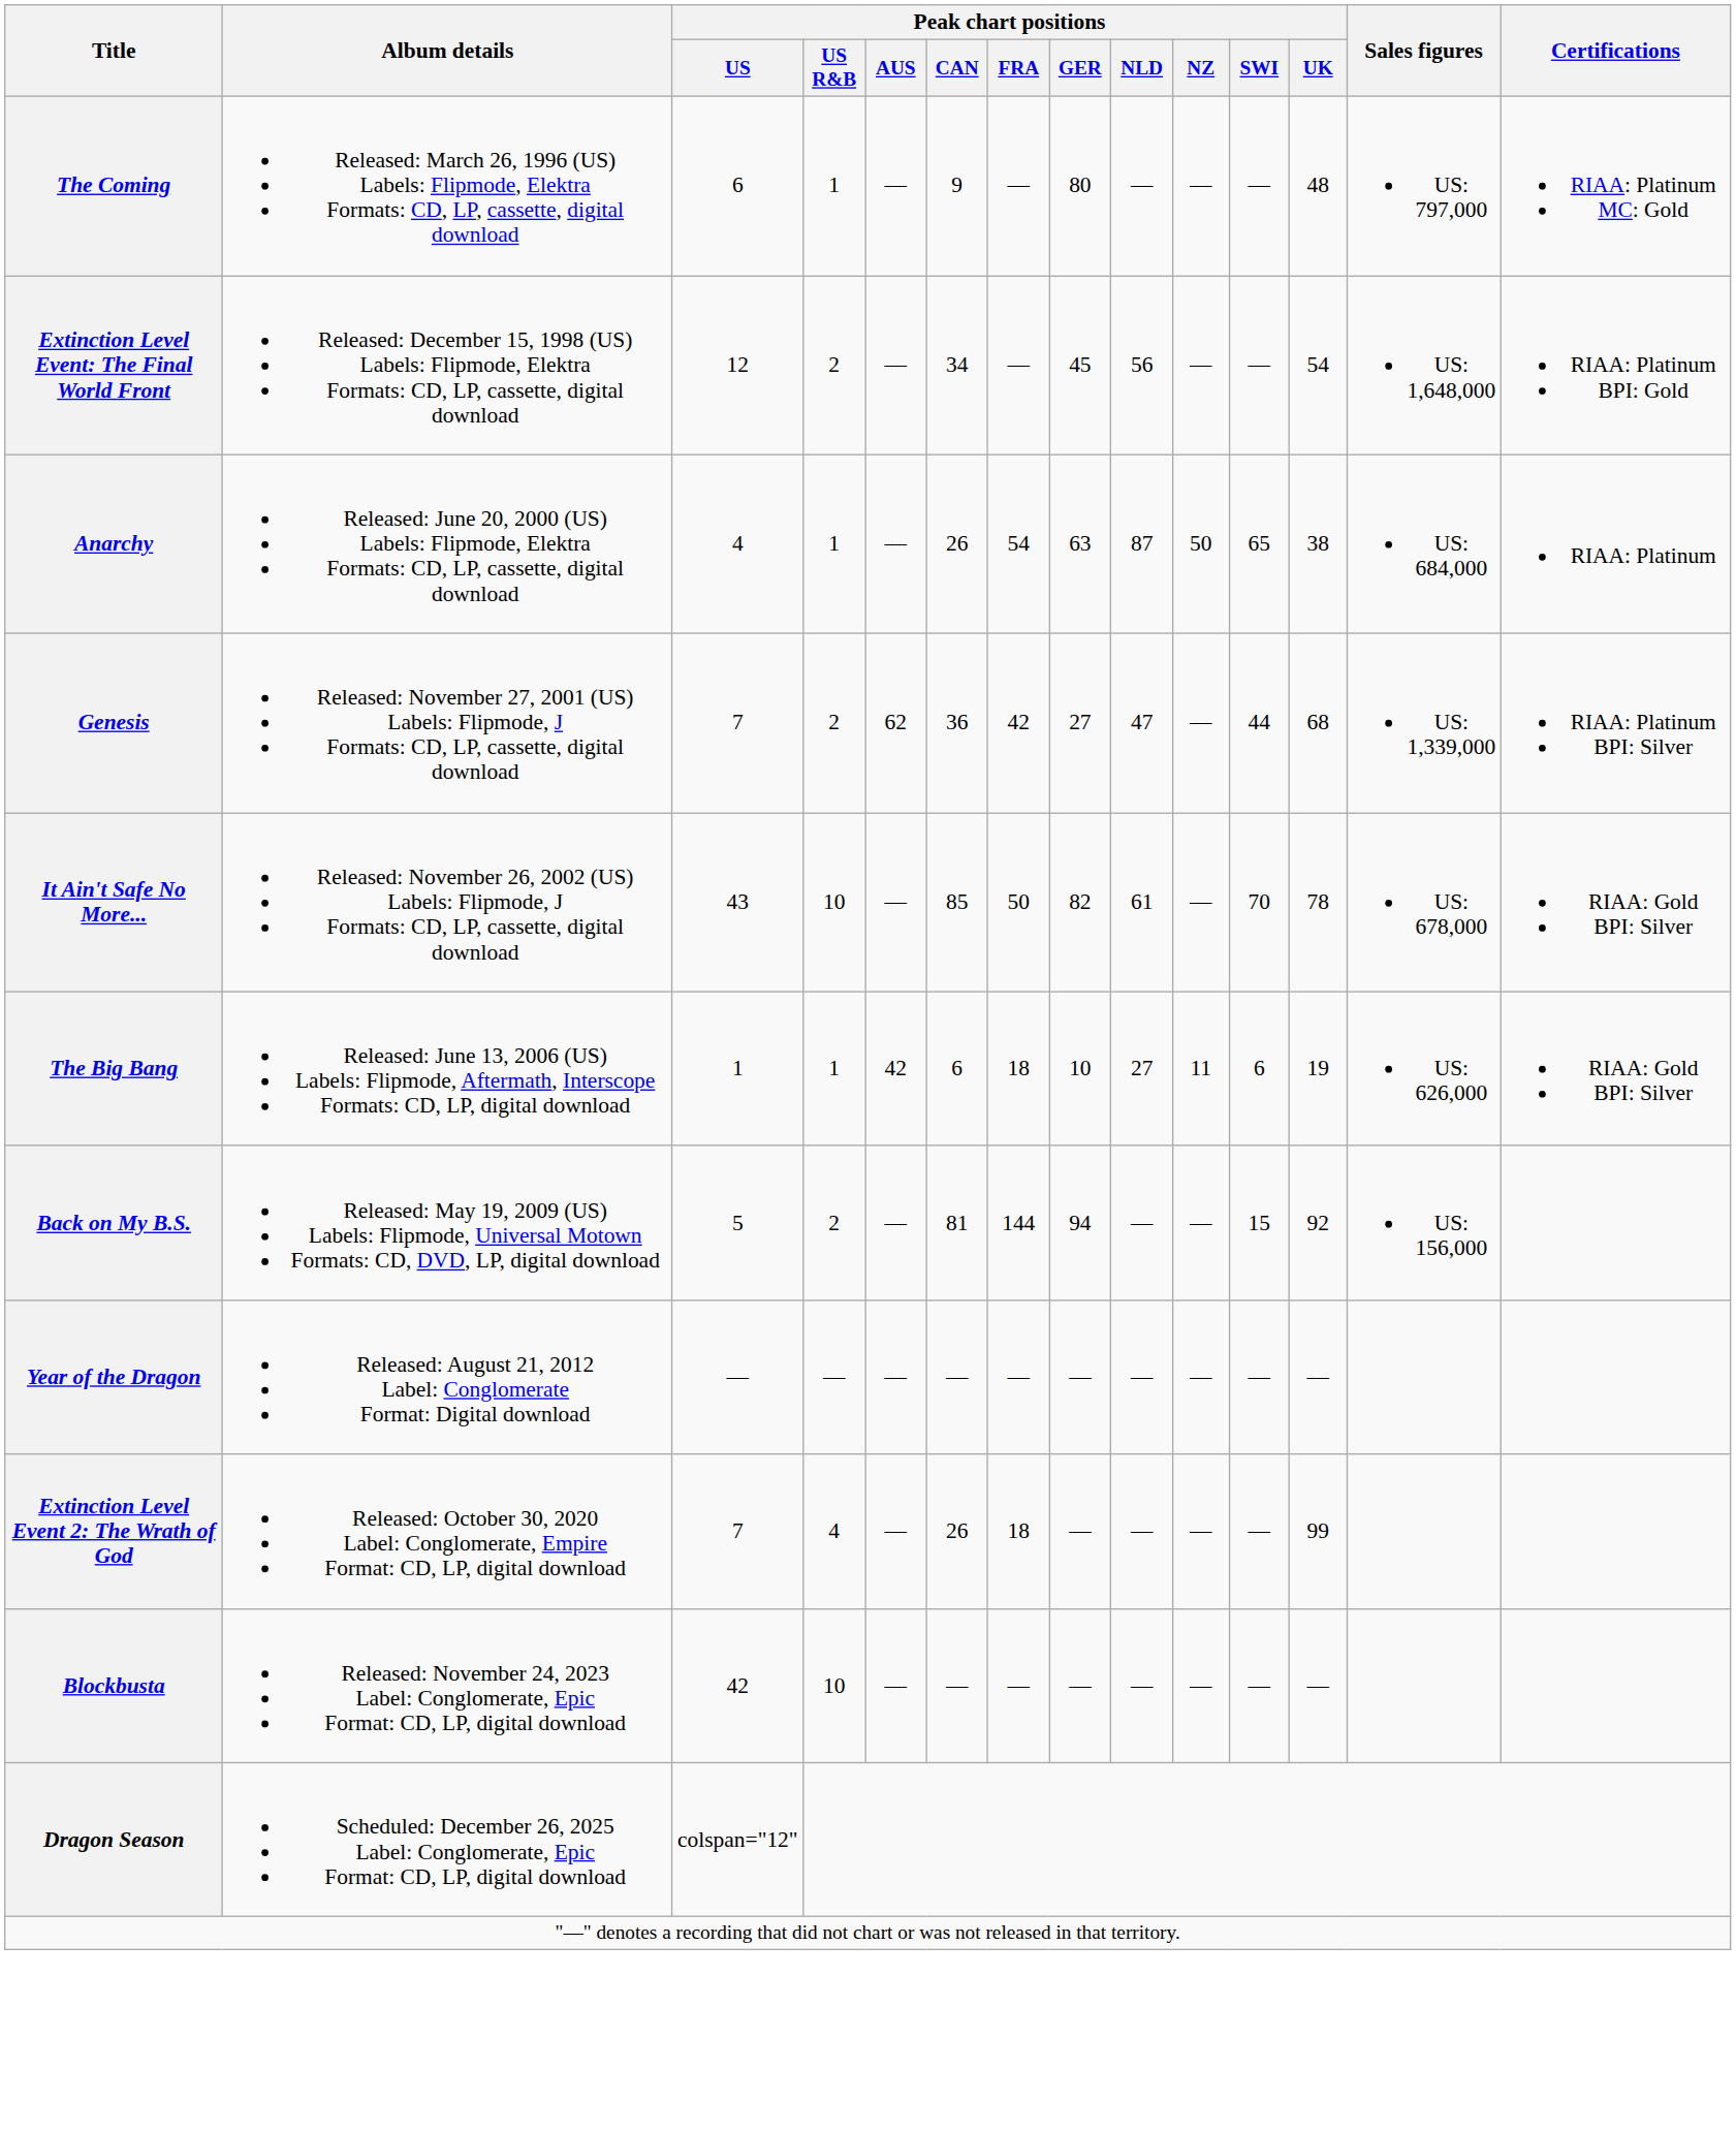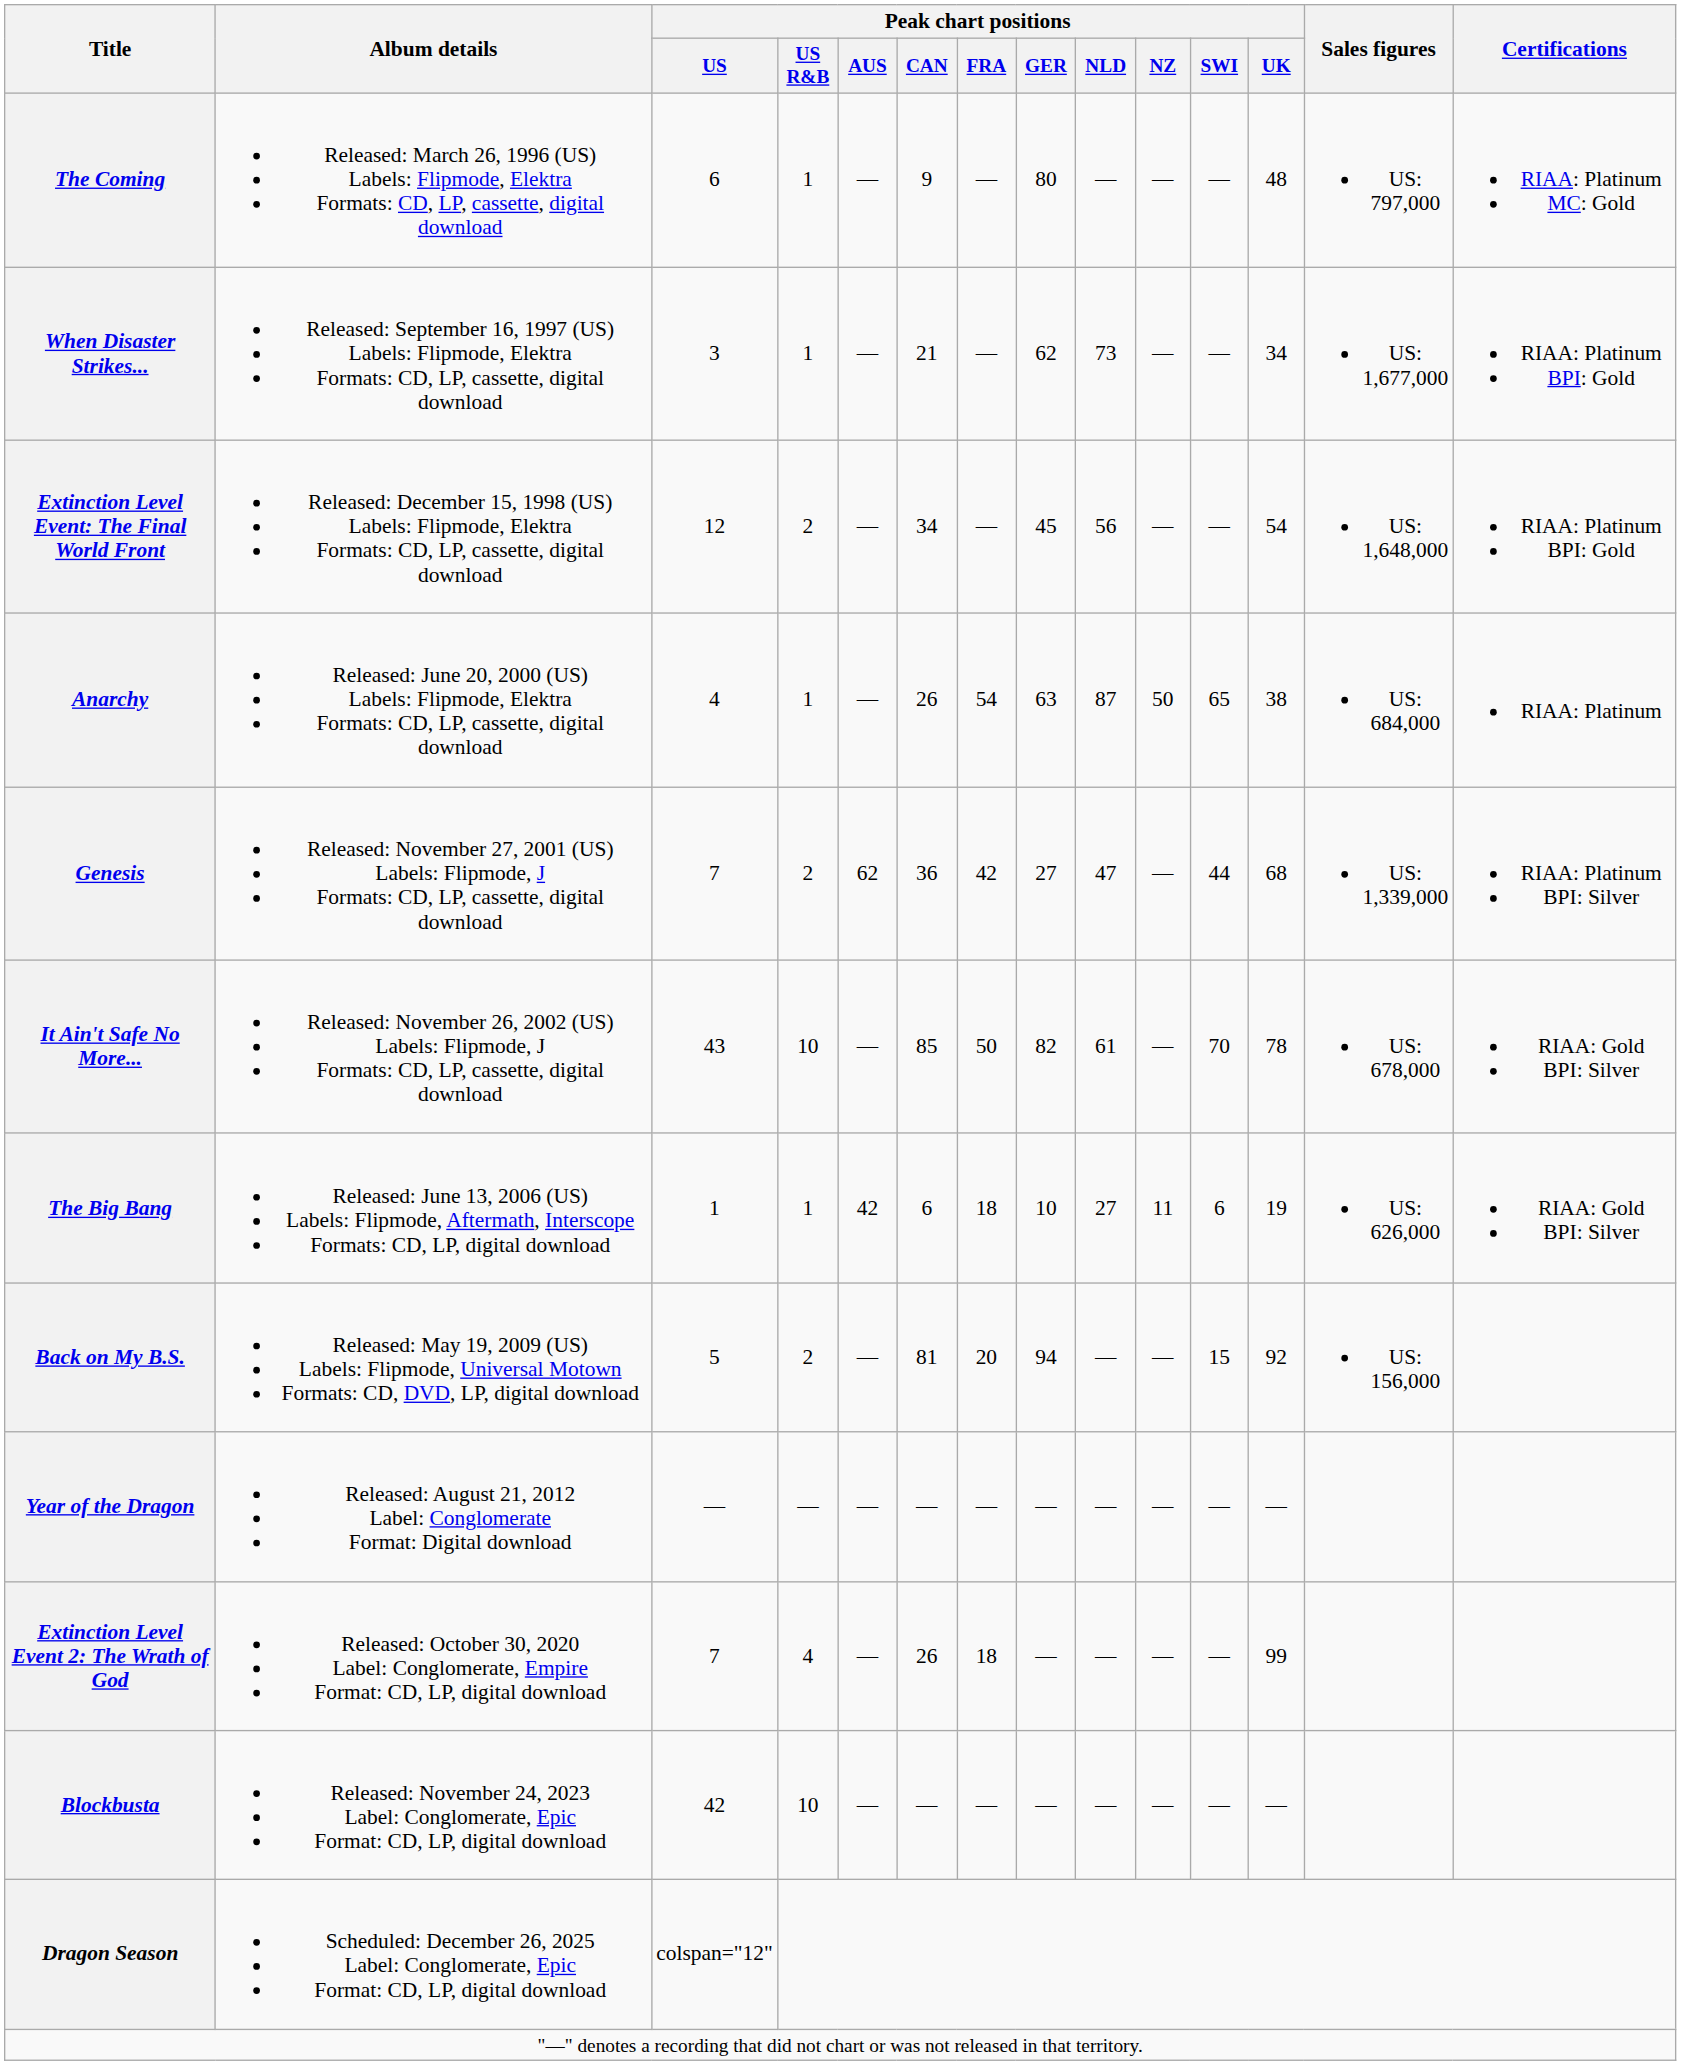 <table class="wikitable plainrowheaders" style="text-align:center;" border="1">
 <tr>
 <th scope="col" rowspan="2" style="width:12em;">Title</th>
 <th scope="col" rowspan="2" style="width:25em;">Album details</th>
 <th scope="col" colspan="10">Peak chart positions</th>
 <th scope="col" rowspan="2">Sales figures</th>
 <th scope="col" rowspan="2" style="width:12em;"><a href='#'>Certifications</a></th>
 </tr>
 <tr>
 <th scope="col" style="width:2.9em;font-size:90%;"><a href='#'>US</a><br></th>
 <th scope="col" style="width:2.9em;font-size:90%;"><a href='#'>US<br>R&B</a><br></th>
 <th scope="col" style="width:2.9em;font-size:90%;"><a href='#'>AUS</a><br></th>
 <th scope="col" style="width:2.9em;font-size:90%;"><a href='#'>CAN</a><br></th>
 <th scope="col" style="width:2.9em;font-size:90%;"><a href='#'>FRA</a><br></th>
 <th scope="col" style="width:2.9em;font-size:90%;"><a href='#'>GER</a><br></th>
 <th scope="col" style="width:2.9em;font-size:90%;"><a href='#'>NLD</a><br></th>
 <th scope="col" style="width:2.9em;font-size:90%;"><a href='#'>NZ</a><br></th>
 <th scope="col" style="width:2.9em;font-size:90%;"><a href='#'>SWI</a><br></th>
 <th scope="col" style="width:2.9em;font-size:90%;"><a href='#'>UK</a><br></th>
 </tr>
 <tr>
 <th scope="row"><em><a href='#'>The Coming</a></em></th>
 <td><br><ul><li>Released: March 26, 1996 <span>(US)</span></li><li>Labels: <a href='#'>Flipmode</a>, <a href='#'>Elektra</a></li><li>Formats: <a href='#'>CD</a>, <a href='#'>LP</a>, <a href='#'>cassette</a>, <a href='#'>digital download</a></li></ul></td>
 <td>6</td>
 <td>1</td>
 <td>—</td>
 <td>9</td>
 <td>—</td>
 <td>80</td>
 <td>—</td>
 <td>—</td>
 <td>—</td>
 <td>48</td>
 <td><br><ul><li>US: 797,000</li></ul></td>
 <td><br><ul><li><a href='#'>RIAA</a>: Platinum</li><li><a href='#'>MC</a>: Gold</li></ul></td>
+</tr>
+<tr>
+<th scope="row"><em><a href='#'>When Disaster Strikes...</a></em></th>
+<td><br><ul><li>Released: September 16, 1997 <span>(US)</span></li><li>Labels: Flipmode, Elektra</li><li>Formats: CD, LP, cassette, digital download</li></ul></td>
+<td>3</td>
+<td>1</td>
+<td>—</td>
+<td>21</td>
+<td>—</td>
+<td>62</td>
+<td>73</td>
+<td>—</td>
+<td>—</td>
+<td>34</td>
+<td><br><ul><li>US: 1,677,000</li></ul></td>
+<td><br><ul><li>RIAA: Platinum</li><li><a href='#'>BPI</a>: Gold</li></ul></td>
 </tr>
 <tr>
 <th scope="row"><em><a href='#'>Extinction Level Event: The Final World Front</a></em></th>
 <td><br><ul><li>Released: December 15, 1998 <span>(US)</span></li><li>Labels: Flipmode, Elektra</li><li>Formats: CD, LP, cassette, digital download</li></ul></td>
 <td>12</td>
 <td>2</td>
 <td>—</td>
 <td>34</td>
 <td>—</td>
 <td>45</td>
 <td>56</td>
 <td>—</td>
 <td>—</td>
 <td>54</td>
 <td><br><ul><li>US: 1,648,000</li></ul></td>
 <td><br><ul><li>RIAA: Platinum</li><li>BPI: Gold</li></ul></td>
 </tr>
 <tr>
 <th scope="row"><em><a href='#'>Anarchy</a></em></th>
 <td><br><ul><li>Released: June 20, 2000 <span>(US)</span></li><li>Labels: Flipmode, Elektra</li><li>Formats: CD, LP, cassette, digital download</li></ul></td>
 <td>4</td>
 <td>1</td>
 <td>—</td>
 <td>26</td>
 <td>54</td>
 <td>63</td>
 <td>87</td>
 <td>50</td>
 <td>65</td>
 <td>38</td>
 <td><br><ul><li>US: 684,000</li></ul></td>
 <td><br><ul><li>RIAA: Platinum</li></ul></td>
 </tr>
 <tr>
 <th scope="row"><em><a href='#'>Genesis</a></em></th>
 <td><br><ul><li>Released: November 27, 2001 <span>(US)</span></li><li>Labels: Flipmode, <a href='#'>J</a></li><li>Formats: CD, LP, cassette, digital download</li></ul></td>
 <td>7</td>
 <td>2</td>
 <td>62</td>
 <td>36</td>
 <td>42</td>
 <td>27</td>
 <td>47</td>
 <td>—</td>
 <td>44</td>
 <td>68</td>
 <td><br><ul><li>US: 1,339,000</li></ul></td>
 <td><br><ul><li>RIAA: Platinum</li><li>BPI: Silver</li></ul></td>
 </tr>
 <tr>
 <th scope="row"><em><a href='#'>It Ain't Safe No More...</a></em></th>
 <td><br><ul><li>Released: November 26, 2002 <span>(US)</span></li><li>Labels: Flipmode, J</li><li>Formats: CD, LP, cassette, digital download</li></ul></td>
 <td>43</td>
 <td>10</td>
 <td>—</td>
 <td>85</td>
 <td>50</td>
 <td>82</td>
 <td>61</td>
 <td>—</td>
 <td>70</td>
 <td>78</td>
 <td><br><ul><li>US: 678,000</li></ul></td>
 <td><br><ul><li>RIAA: Gold</li><li>BPI: Silver</li></ul></td>
 </tr>
 <tr>
 <th scope="row"><em><a href='#'>The Big Bang</a></em></th>
 <td><br><ul><li>Released: June 13, 2006 <span>(US)</span></li><li>Labels: Flipmode, <a href='#'>Aftermath</a>, <a href='#'>Interscope</a></li><li>Formats: CD, LP, digital download</li></ul></td>
 <td>1</td>
 <td>1</td>
 <td>42</td>
 <td>6</td>
 <td>18</td>
 <td>10</td>
 <td>27</td>
 <td>11</td>
 <td>6</td>
 <td>19</td>
 <td><br><ul><li>US: 626,000</li></ul></td>
 <td><br><ul><li>RIAA: Gold</li><li>BPI: Silver</li></ul></td>
 </tr>
 <tr>
 <th scope="row"><em><a href='#'>Back on My B.S.</a></em></th>
 <td><br><ul><li>Released: May 19, 2009 <span>(US)</span></li><li>Labels: Flipmode, <a href='#'>Universal Motown</a></li><li>Formats: CD, <a href='#'>DVD</a>, LP, digital download</li></ul></td>
 <td>5</td>
 <td>2</td>
 <td>—</td>
 <td>81</td>
-<td>144</td>
+<td>20</td>
 <td>94</td>
 <td>—</td>
 <td>—</td>
 <td>15</td>
 <td>92</td>
 <td><br><ul><li>US: 156,000</li></ul></td>
 <td></td>
 </tr>
 <tr>
 <th scope="row"><em><a href='#'>Year of the Dragon</a></em></th>
 <td><br><ul><li>Released: August 21, 2012</li><li>Label: <a href='#'>Conglomerate</a></li><li>Format: Digital download</li></ul></td>
 <td>—</td>
 <td>—</td>
 <td>—</td>
 <td>—</td>
 <td>—</td>
 <td>—</td>
 <td>—</td>
 <td>—</td>
 <td>—</td>
 <td>—</td>
 <td></td>
 <td></td>
 </tr>
 <tr>
 <th scope="row"><em><a href='#'>Extinction Level Event 2: The Wrath of God</a></em></th>
 <td><br><ul><li>Released: October 30, 2020</li><li>Label: Conglomerate, <a href='#'>Empire</a></li><li>Format: CD, LP, digital download</li></ul></td>
 <td>7</td>
 <td>4</td>
 <td>—</td>
 <td>26</td>
 <td>18</td>
 <td>—</td>
 <td>—</td>
 <td>—</td>
 <td>—</td>
 <td>99</td>
 <td></td>
 <td></td>
 </tr>
 <tr>
 <th scope="row"><em><a href='#'>Blockbusta</a></em></th>
 <td><br><ul><li>Released: November 24, 2023</li><li>Label: Conglomerate, <a href='#'>Epic</a></li><li>Format: CD, LP, digital download</li></ul></td>
 <td>42</td>
 <td>10</td>
 <td>—</td>
 <td>—</td>
 <td>—</td>
 <td>—</td>
 <td>—</td>
 <td>—</td>
 <td>—</td>
 <td>—</td>
 <td></td>
 <td></td>
 </tr>
 <tr>
 <th scope="row"><em>Dragon Season</em></th>
 <td><br><ul><li>Scheduled: December 26, 2025</li><li>Label: Conglomerate, <a href='#'>Epic</a></li><li>Format: CD, LP, digital download</li></ul></td>
 <td>colspan="12" </td>
 </tr>
 <tr>
 <td colspan="14" style="font-size:90%">"—" denotes a recording that did not chart or was not released in that territory.</td>
 </tr>
 </table>
